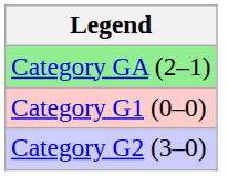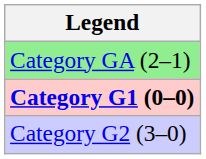 <table class=wikitable>
 <tr>
 <th>Legend</th>
 </tr>
 <tr bgcolor="lightgreen">
 <td><a href='#'>Category GA</a> (2–1)</td>
 </tr>
 <tr bgcolor="#ffcccc">
-<td><a href='#'>Category G1</a> (0–0)</td>
+<td><strong><a href='#'>Category G1</a> (0–0)</strong></td>
 </tr>
 <tr bgcolor="#ccccff">
 <td><a href='#'>Category G2</a> (3–0)</td>
 </tr>
 </table>
